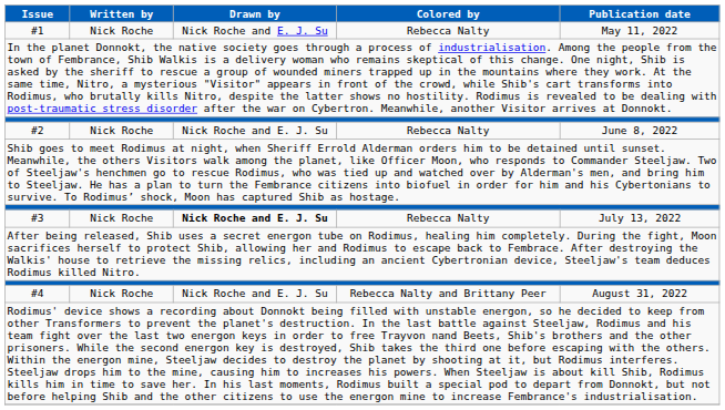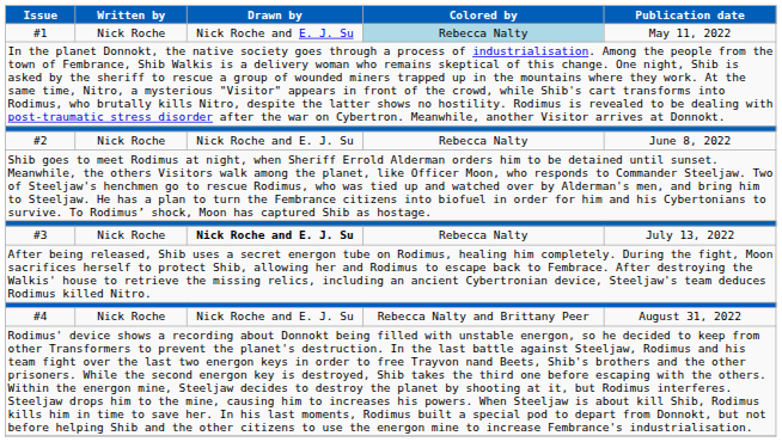 <table class="wikitable" style="text-align: center;" width="100%;">
 <tr>
 <th style="background:#005EB8; color:white">Issue</th>
 <th style="background:#005EB8; color:white">Written by</th>
 <th style="background:#005EB8; color:white">Drawn by</th>
 <th style="background:#005EB8; color:white">Colored by</th>
 <th style="background:#005EB8; color:white">Publication date</th>
 </tr>
 <tr>
 <td>#1</td>
 <td>Nick Roche</td>
 <td>Nick Roche and <a href='#'>E. J. Su</a></td>
-<td>Rebecca Nalty</td>
+<td style="background: lightblue;">Rebecca Nalty</td>
 <td>May 11, 2022</td>
 </tr>
 <tr>
 <td colspan="5" style="text-align: left;">In the planet Donnokt, the native society goes through a process of <a href='#'>industrialisation</a>. Among the people from the town of Fembrance, Shib Walkis is a delivery woman who remains skeptical of this change. One night, Shib is asked by the sheriff to rescue a group of wounded miners trapped up in the mountains where they work. At the same time, Nitro, a mysterious "Visitor" appears in front of the crowd, while Shib's cart transforms into Rodimus, who brutally kills Nitro, despite the latter shows no hostility. Rodimus is revealed to be dealing with <a href='#'>post-traumatic stress disorder</a> after the war on Cybertron. Meanwhile, another Visitor arrives at Donnokt.</td>
 </tr>
 <tr>
 <th colspan="5" style="background:#005EB8"></th>
 </tr>
 <tr>
 <td>#2</td>
 <td>Nick Roche</td>
 <td>Nick Roche and E. J. Su</td>
 <td>Rebecca Nalty</td>
 <td>June 8, 2022</td>
 </tr>
 <tr>
 <td colspan="5" style="text-align: left;">Shib goes to meet Rodimus at night, when Sheriff Errold Alderman orders him to be detained until sunset. Meanwhile, the others Visitors walk among the planet, like Officer Moon, who responds to Commander Steeljaw. Two of Steeljaw's henchmen go to rescue Rodimus, who was tied up and watched over by Alderman's men, and bring him to Steeljaw. He has a plan to turn the Fembrance citizens into biofuel in order for him and his Cybertonians to survive. To Rodimus’ shock, Moon has captured Shib as hostage.</td>
 </tr>
 <tr>
 <th colspan="5" style="background:#005EB8"></th>
 </tr>
 <tr>
 <td>#3</td>
 <td>Nick Roche</td>
 <td><strong>Nick Roche and E. J. Su</strong></td>
 <td>Rebecca Nalty</td>
 <td>July 13, 2022</td>
 </tr>
 <tr>
 <td colspan="5" style="text-align: left;">After being released, Shib uses a secret energon tube on Rodimus, healing him completely. During the fight, Moon sacrifices herself to protect Shib, allowing her and Rodimus to escape back to Fembrace. After destroying the Walkis' house to retrieve the missing relics, including an ancient Cybertronian device, Steeljaw's team deduces Rodimus killed Nitro.</td>
 </tr>
 <tr>
 <th colspan="5" style="background:#005EB8"></th>
 </tr>
 <tr>
 <td>#4</td>
 <td>Nick Roche</td>
 <td>Nick Roche and E. J. Su</td>
 <td>Rebecca Nalty and Brittany Peer</td>
 <td>August 31, 2022</td>
 </tr>
 <tr>
 <td colspan="5" style="text-align: left;">Rodimus' device shows a recording about Donnokt being filled with unstable energon, so he decided to keep from other Transformers to prevent the planet's destruction. In the last battle against Steeljaw, Rodimus and his team fight over the last two energon keys in order to free Trayvon nand Beets, Shib's brothers and the other prisoners. While the second energon key is destroyed, Shib takes the third one before escaping with the others. Within the energon mine, Steeljaw decides to destroy the planet by shooting at it, but Rodimus interferes. Steeljaw drops him to the mine, causing him to increases his powers. When Steeljaw is about kill Shib, Rodimus kills him in time to save her. In his last moments, Rodimus built a special pod to depart from Donnokt, but not before helping Shib and the other citizens to use the energon mine to increase Fembrance's industrialisation.</td>
 </tr>
 <tr>
 </tr>
 </table>
